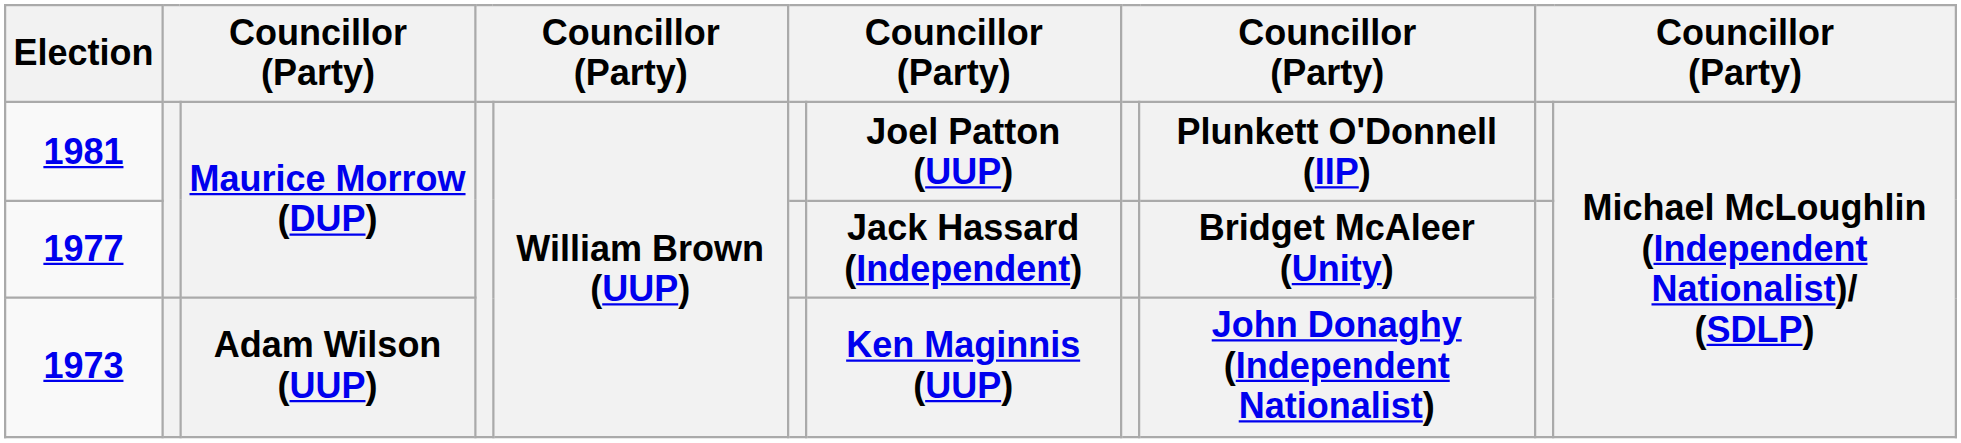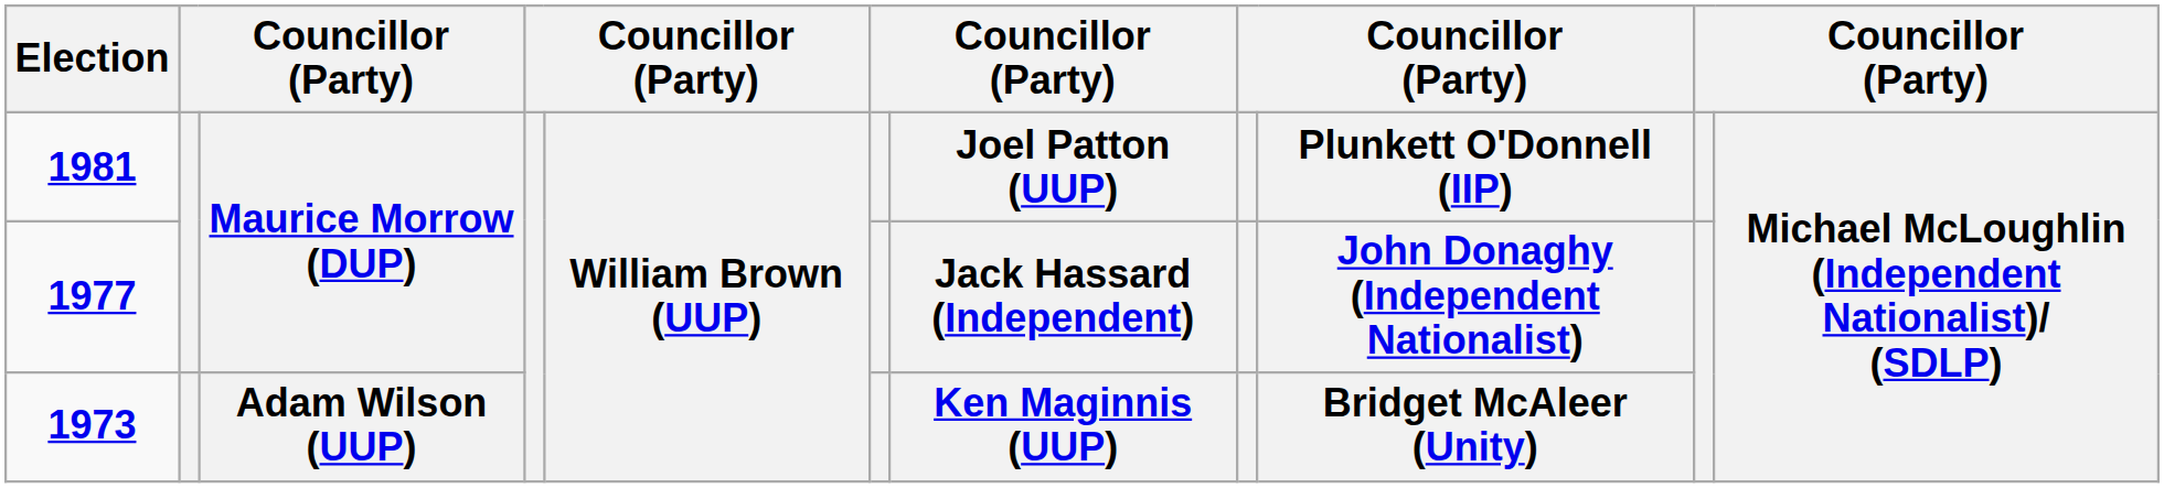 <table class="wikitable" style="text-align:center">
 <tr>
 <th scope="col" width="50">Election</th>
 <th scope="col" width="150" colspan = "2">Councillor<br> (Party)</th>
 <th scope="col" width="150" colspan = "2">Councillor<br> (Party)</th>
 <th scope="col" width="150" colspan = "2">Councillor<br> (Party)</th>
 <th scope="col" width="150" colspan = "2">Councillor<br> (Party)</th>
 <th scope="col" width="150" colspan = "2">Councillor<br> (Party)</th>
 </tr>
 <tr>
 <td><strong><a href='#'>1981</a></strong></td>
 <th rowspan="2" width="1" style="background-color: "></th>
 <th rowspan = "2"><a href='#'>Maurice Morrow</a> <br> (<a href='#'>DUP</a>)</th>
 <th rowspan="3" width="1" style="background-color: "></th>
 <th rowspan = "3">William Brown <br> (<a href='#'>UUP</a>)</th>
 <th rowspan="1" width="1" style="background-color: "></th>
 <th rowspan = "1">Joel Patton <br> (<a href='#'>UUP</a>)</th>
 <th rowspan="1" width="1" style="background-color: "></th>
 <th rowspan = "1">Plunkett O'Donnell <br> (<a href='#'>IIP</a>)</th>
 <th rowspan="1" width="1" style="background-color: "></th>
 <th rowspan = "3">Michael McLoughlin <br> (<a href='#'>Independent Nationalist</a>)/ <br> (<a href='#'>SDLP</a>)</th>
 </tr>
 <tr>
 <td><strong><a href='#'>1977</a></strong></td>
 <th rowspan="1" width="1" style="background-color: "></th>
 <th rowspan = "1">Jack Hassard <br> (<a href='#'>Independent</a>)</th>
 <th rowspan="1" width="1" style="background-color: "></th>
-<th rowspan = "1">Bridget McAleer <br> (<a href='#'>Unity</a>)</th>
+<th rowspan = "1"><a href='#'>John Donaghy</a> <br> (<a href='#'>Independent Nationalist</a>)</th>
 <th rowspan="2" width="1" style="background-color: "></th>
 </tr>
 <tr>
 <td><strong><a href='#'>1973</a></strong></td>
 <th rowspan="3" width="1" style="background-color: "></th>
 <th rowspan = "3">Adam Wilson <br> (<a href='#'>UUP</a>)</th>
 <th rowspan="1" width="1" style="background-color: "></th>
 <th rowspan = "1"><a href='#'>Ken Maginnis</a> <br> (<a href='#'>UUP</a>)</th>
 <th rowspan="1" width="1" style="background-color: "></th>
-<th rowspan = "1"><a href='#'>John Donaghy</a> <br> (<a href='#'>Independent Nationalist</a>)</th>
+<th rowspan = "1">Bridget McAleer <br> (<a href='#'>Unity</a>)</th>
 </tr>
 </table>
